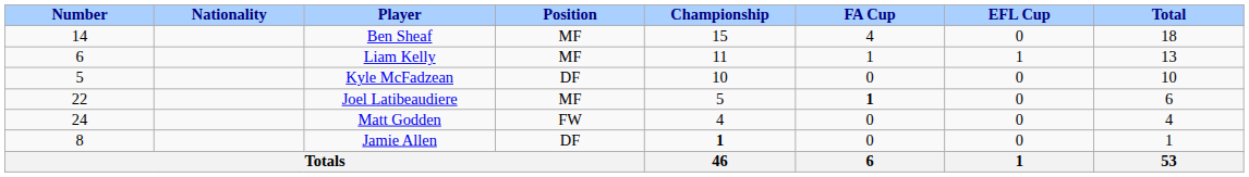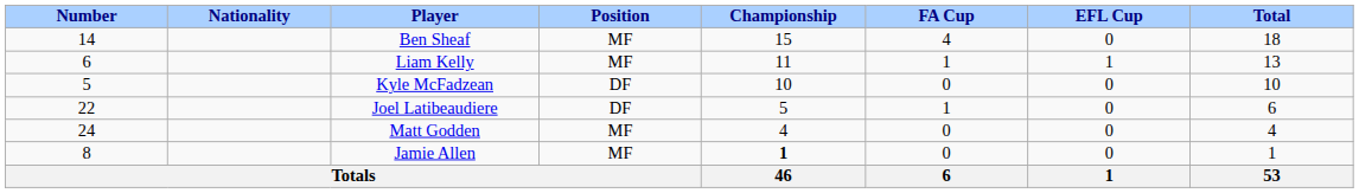 <table class="wikitable sortable alternance" style="font-size:100%; text-align:center; line-height:14px; width:100%;">
 <tr>
 <th style="background:#AAD0FF; color:#000080; width:100px;">Number</th>
 <th style="background:#AAD0FF; color:#000080; width:100px;">Nationality</th>
 <th style="background:#AAD0FF; color:#000080; width:130px;">Player</th>
 <th style="background:#AAD0FF; color:#000080; width:100px;">Position</th>
 <th style="background:#AAD0FF; color:#000080; width:100px;">Championship</th>
 <th style="background:#AAD0FF; color:#000080; width:100px;">FA Cup</th>
 <th style="background:#AAD0FF; color:#000080; width:100px;">EFL Cup</th>
 <th style="background:#AAD0FF; color:#000080; width:100px;">Total</th>
 </tr>
 <tr>
 <td>14</td>
 <td></td>
 <td><a href='#'>Ben Sheaf</a></td>
 <td>MF</td>
 <td>15</td>
 <td>4</td>
 <td>0</td>
 <td>18</td>
 </tr>
 <tr>
 <td>6</td>
 <td></td>
 <td><a href='#'>Liam Kelly</a></td>
 <td>MF</td>
 <td>11</td>
 <td>1</td>
 <td>1</td>
 <td>13</td>
 </tr>
 <tr>
 <td>5</td>
 <td></td>
 <td><a href='#'>Kyle McFadzean</a></td>
 <td>DF</td>
 <td>10</td>
 <td>0</td>
 <td>0</td>
 <td>10</td>
 </tr>
 <tr>
 <td>22</td>
 <td></td>
 <td><a href='#'>Joel Latibeaudiere</a></td>
-<td>MF</td>
+<td>DF</td>
 <td>5</td>
-<td><strong>1</strong></td>
+<td>1</td>
 <td>0</td>
 <td>6</td>
 </tr>
 <tr>
 <td>24</td>
 <td></td>
 <td><a href='#'>Matt Godden</a></td>
-<td>FW</td>
+<td>MF</td>
 <td>4</td>
 <td>0</td>
 <td>0</td>
 <td>4</td>
 </tr>
 <tr>
 <td>8</td>
 <td></td>
 <td><a href='#'>Jamie Allen</a></td>
-<td>DF</td>
+<td>MF</td>
 <td><strong>1</strong></td>
 <td>0</td>
 <td>0</td>
 <td>1</td>
 </tr>
 <tr class="sortbottom">
 <th colspan="4">Totals</th>
 <th>46</th>
 <th>6</th>
 <th>1</th>
 <th>53</th>
 </tr>
 </table>
